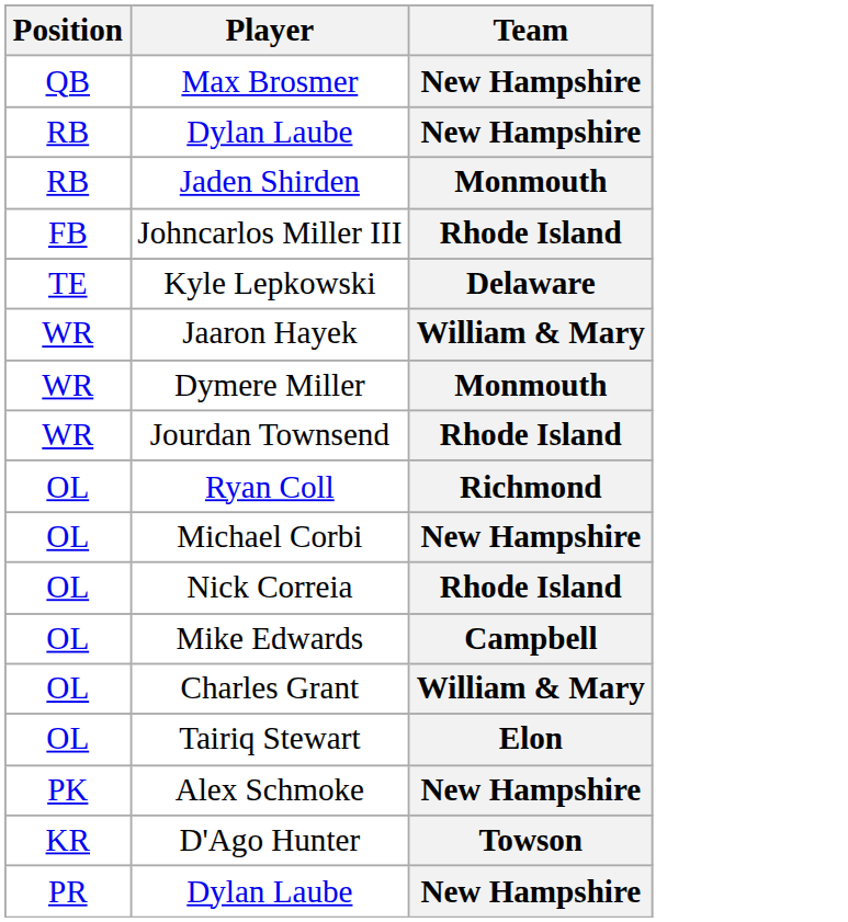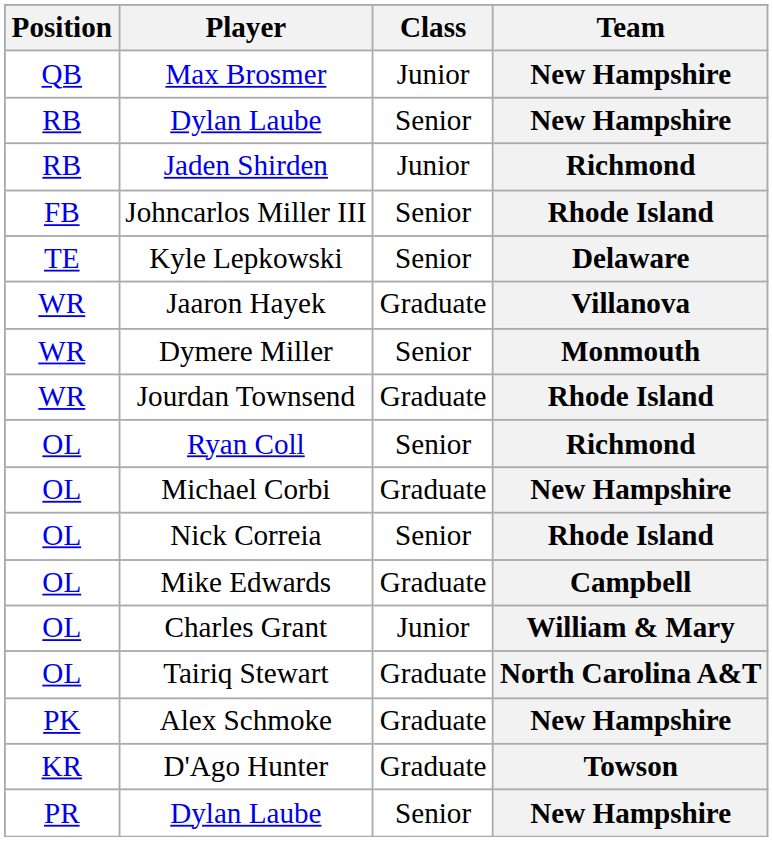 <table class="wikitable sortable" border="1">
 <tr>
 <th>Position</th>
 <th>Player</th>
+<th>Class</th>
 <th>Team</th>
 </tr>
 <tr>
 <td style="text-align:center; background:white"><a href='#'>QB</a></td>
 <td style="text-align:center; background:white"><a href='#'>Max Brosmer</a></td>
+<td style="text-align:center; background:white">Junior</td>
 <th>New Hampshire</th>
 </tr>
 <tr>
 <td style="text-align:center; background:white"><a href='#'>RB</a></td>
 <td style="text-align:center; background:white"><a href='#'>Dylan Laube</a></td>
+<td style="text-align:center; background:white">Senior</td>
 <th>New Hampshire</th>
 </tr>
 <tr>
 <td style="text-align:center; background:white"><a href='#'>RB</a></td>
 <td style="text-align:center; background:white"><a href='#'>Jaden Shirden</a></td>
-<th>Monmouth</th>
+<td style="text-align:center; background:white">Junior</td>
+<th>Richmond</th>
 </tr>
 <tr>
 <td style="text-align:center; background:white"><a href='#'>FB</a></td>
 <td style="text-align:center; background:white">Johncarlos Miller III</td>
+<td style="text-align:center; background:white">Senior</td>
 <th>Rhode Island</th>
 </tr>
 <tr>
 <td style="text-align:center; background:white"><a href='#'>TE</a></td>
 <td style="text-align:center; background:white">Kyle Lepkowski</td>
+<td style="text-align:center; background:white">Senior</td>
 <th>Delaware</th>
 </tr>
 <tr>
 <td style="text-align:center; background:white"><a href='#'>WR</a></td>
 <td style="text-align:center; background:white">Jaaron Hayek</td>
-<th>William & Mary</th>
+<td style="text-align:center; background:white">Graduate</td>
+<th>Villanova</th>
 </tr>
 <tr>
 <td style="text-align:center; background:white"><a href='#'>WR</a></td>
 <td style="text-align:center; background:white">Dymere Miller</td>
+<td style="text-align:center; background:white">Senior</td>
 <th>Monmouth</th>
 </tr>
 <tr>
 <td style="text-align:center; background:white"><a href='#'>WR</a></td>
 <td style="text-align:center; background:white">Jourdan Townsend</td>
+<td style="text-align:center; background:white">Graduate</td>
 <th>Rhode Island</th>
 </tr>
 <tr>
 <td style="text-align:center; background:white"><a href='#'>OL</a></td>
 <td style="text-align:center; background:white"><a href='#'>Ryan Coll</a></td>
+<td style="text-align:center; background:white">Senior</td>
 <th>Richmond</th>
 </tr>
 <tr>
 <td style="text-align:center; background:white"><a href='#'>OL</a></td>
 <td style="text-align:center; background:white">Michael Corbi</td>
+<td style="text-align:center; background:white">Graduate</td>
 <th>New Hampshire</th>
 </tr>
 <tr>
 <td style="text-align:center; background:white"><a href='#'>OL</a></td>
 <td style="text-align:center; background:white">Nick Correia</td>
+<td style="text-align:center; background:white">Senior</td>
 <th>Rhode Island</th>
 </tr>
 <tr>
 <td style="text-align:center; background:white"><a href='#'>OL</a></td>
 <td style="text-align:center; background:white">Mike Edwards</td>
+<td style="text-align:center; background:white">Graduate</td>
 <th>Campbell</th>
 </tr>
 <tr>
 <td style="text-align:center; background:white"><a href='#'>OL</a></td>
 <td style="text-align:center; background:white">Charles Grant</td>
+<td style="text-align:center; background:white">Junior</td>
 <th>William & Mary</th>
 </tr>
 <tr>
 <td style="text-align:center; background:white"><a href='#'>OL</a></td>
 <td style="text-align:center; background:white">Tairiq Stewart</td>
-<th>Elon</th>
+<td style="text-align:center; background:white">Graduate</td>
+<th>North Carolina A&T</th>
 </tr>
 <tr>
 <td style="text-align:center; background:white"><a href='#'>PK</a></td>
 <td style="text-align:center; background:white">Alex Schmoke</td>
+<td style="text-align:center; background:white">Graduate</td>
 <th>New Hampshire</th>
 </tr>
 <tr>
 <td style="text-align:center; background:white"><a href='#'>KR</a></td>
 <td style="text-align:center; background:white">D'Ago Hunter</td>
+<td style="text-align:center; background:white">Graduate</td>
 <th>Towson</th>
 </tr>
 <tr>
 <td style="text-align:center; background:white"><a href='#'>PR</a></td>
 <td style="text-align:center; background:white"><a href='#'>Dylan Laube</a></td>
+<td style="text-align:center; background:white">Senior</td>
 <th>New Hampshire</th>
 </tr>
 </table>
